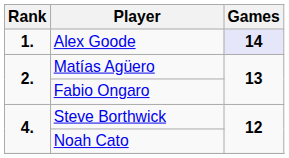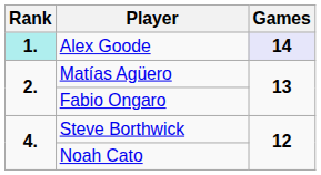 <table class="wikitable sticky-header">
 <tr>
 <th width=35>Rank</th>
 <th width=170>Player</th>
 <th width=40>Games</th>
 </tr>
 <tr>
-<td align=center><strong>1.</strong></td>
+<td align=center style="background: paleturquoise;"><strong>1.</strong></td>
 <td> <a href='#'>Alex Goode</a></td>
 <td align=center style="background: lavender;"><strong>14</strong></td>
 </tr>
 <tr>
 <td rowspan=2 align=center><strong>2.</strong></td>
 <td> <a href='#'>Matías Agüero</a></td>
 <td rowspan=2 align=center><strong>13</strong></td>
 </tr>
 <tr>
 <td> <a href='#'>Fabio Ongaro</a></td>
 </tr>
 <tr>
 <td rowspan=2 align=center><strong>4.</strong></td>
 <td> <a href='#'>Steve Borthwick</a></td>
 <td rowspan=2 align=center><strong>12</strong></td>
 </tr>
 <tr>
 <td> <a href='#'>Noah Cato</a></td>
 </tr>
 <tr>
 </tr>
 </table>
